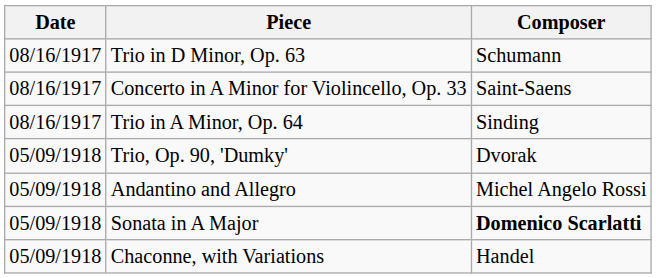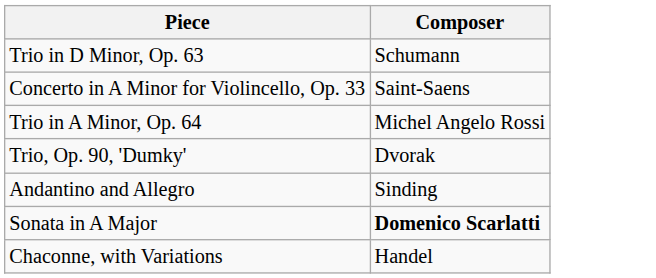 <table class="wikitable" style="font-size: 95%; display: inline-table;">
 <tr>
-<th>Date</th>
 <th>Piece</th>
 <th>Composer</th>
 </tr>
 <tr>
-<td>08/16/1917</td>
 <td>Trio in D Minor, Op. 63</td>
 <td>Schumann</td>
 </tr>
 <tr>
-<td>08/16/1917</td>
 <td>Concerto in A Minor for Violincello, Op. 33</td>
 <td>Saint-Saens</td>
 </tr>
 <tr>
-<td>08/16/1917</td>
 <td>Trio in A Minor, Op. 64</td>
-<td>Sinding</td>
+<td>Michel Angelo Rossi</td>
 </tr>
 <tr>
-<td>05/09/1918</td>
 <td>Trio, Op. 90, 'Dumky'</td>
 <td>Dvorak</td>
 </tr>
 <tr>
-<td>05/09/1918</td>
 <td>Andantino and Allegro</td>
-<td>Michel Angelo Rossi</td>
+<td>Sinding</td>
 </tr>
 <tr>
-<td>05/09/1918</td>
 <td>Sonata in A Major</td>
 <td><strong>Domenico Scarlatti</strong></td>
 </tr>
 <tr>
-<td>05/09/1918</td>
 <td>Chaconne, with Variations</td>
 <td>Handel</td>
 </tr>
 </table>
